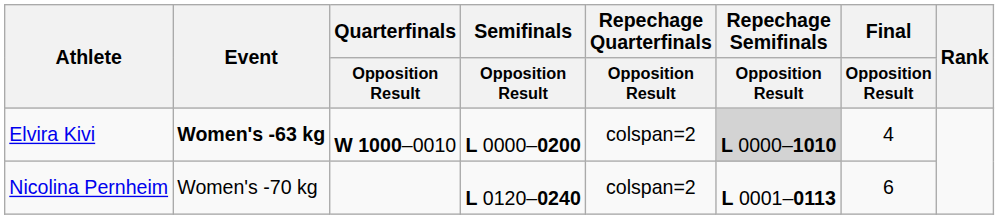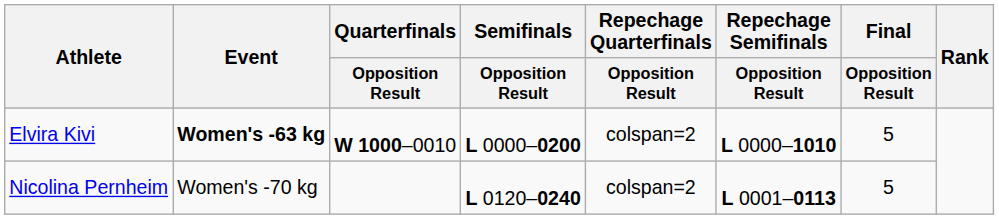 <table class="wikitable" style="font-size:90%">
 <tr>
 <th rowspan="2">Athlete</th>
 <th rowspan="2">Event</th>
 <th>Quarterfinals</th>
 <th>Semifinals</th>
 <th>Repechage <br> Quarterfinals</th>
 <th>Repechage <br> Semifinals</th>
 <th>Final</th>
 <th rowspan="2">Rank</th>
 </tr>
 <tr>
 <th style="line-height:1em"><small>Opposition<br>Result</small></th>
 <th style="line-height:1em"><small>Opposition<br>Result</small></th>
 <th style="line-height:1em"><small>Opposition<br>Result</small></th>
 <th style="line-height:1em"><small>Opposition<br>Result</small></th>
 <th style="line-height:1em"><small>Opposition<br>Result</small></th>
 </tr>
 <tr align=center>
 <td align=left><a href='#'>Elvira Kivi</a></td>
 <td align=left><strong>Women's -63 kg</strong></td>
 <td align=center><br><strong>W</strong> <strong>1000</strong>–0010</td>
 <td align=center><br><strong>L</strong> 0000–<strong>0200</strong></td>
 <td>colspan=2 </td>
-<td align=center style="background: lightgrey;"><br><strong>L</strong> 0000–<strong>1010</strong></td>
-<td align=center>4</td>
+<td align=center><br><strong>L</strong> 0000–<strong>1010</strong></td>
+<td align=center>5</td>
 </tr>
 <tr align=center>
 <td align=left><a href='#'>Nicolina Pernheim</a></td>
 <td align=left>Women's -70 kg</td>
 <td></td>
 <td align=center><br><strong>L</strong> 0120–<strong>0240</strong></td>
 <td>colspan=2 </td>
 <td align=center><br><strong>L</strong> 0001–<strong>0113</strong></td>
-<td align=center>6</td>
+<td align=center>5</td>
 </tr>
 </table>
